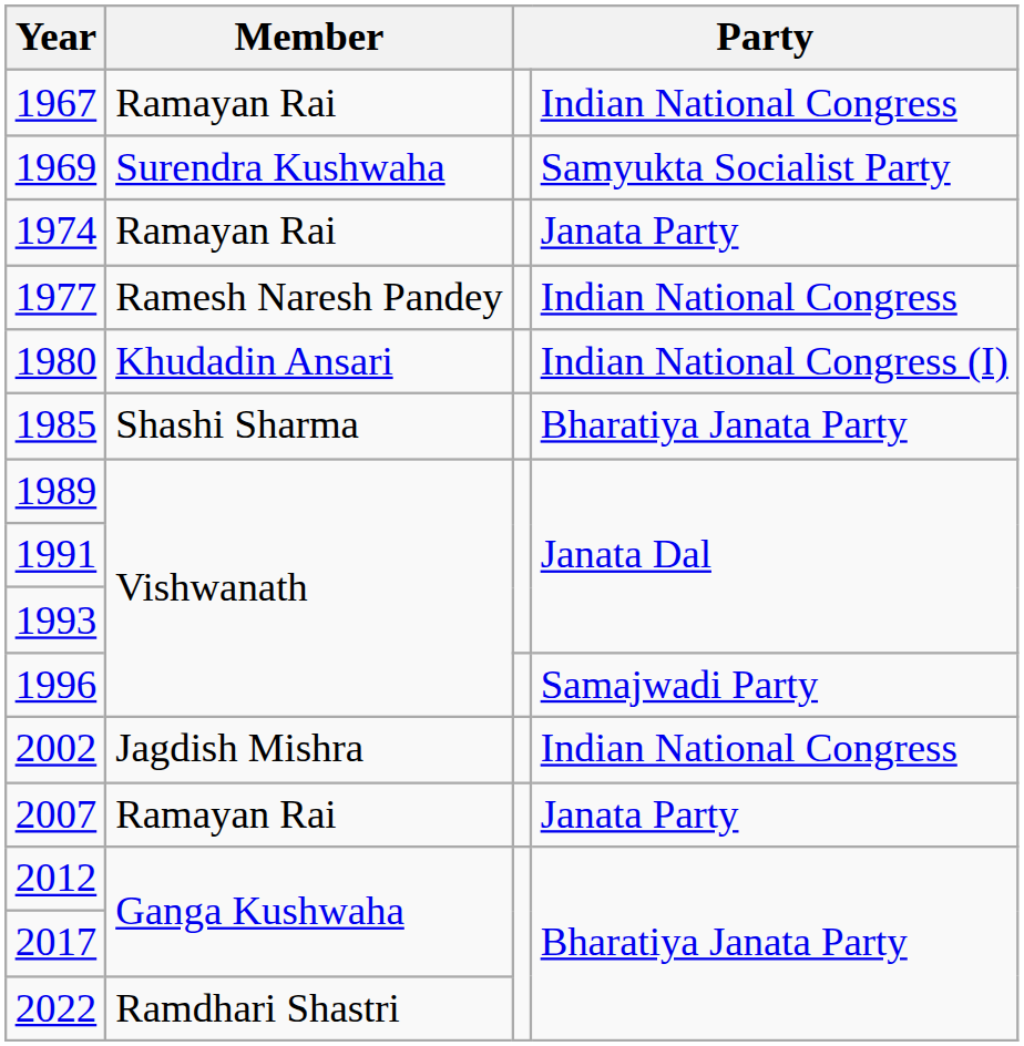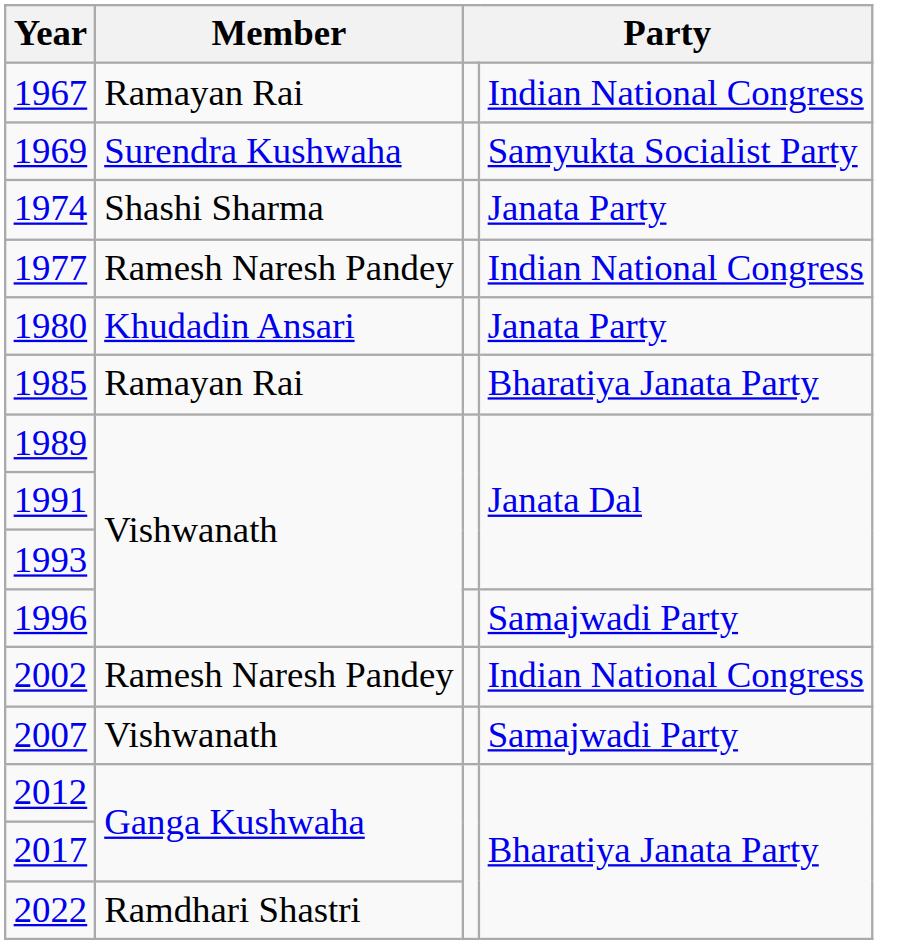 <table class="wikitable">
 <tr>
 <th>Year</th>
 <th>Member</th>
 <th colspan="2">Party</th>
 </tr>
 <tr>
 <td><a href='#'>1967</a></td>
 <td>Ramayan Rai</td>
 <td style="background-color: "></td>
 <td><a href='#'>Indian National Congress</a></td>
 </tr>
 <tr>
 <td><a href='#'>1969</a></td>
 <td><a href='#'>Surendra Kushwaha</a></td>
 <td style="background-color: "></td>
 <td><a href='#'>Samyukta Socialist Party</a></td>
 </tr>
 <tr>
 <td><a href='#'>1974</a></td>
-<td>Ramayan Rai</td>
+<td>Shashi Sharma</td>
 <td style="background-color: "></td>
 <td><a href='#'>Janata Party</a></td>
 </tr>
 <tr>
 <td><a href='#'>1977</a></td>
 <td>Ramesh Naresh Pandey</td>
 <td style="background-color: "></td>
 <td><a href='#'>Indian National Congress</a></td>
 </tr>
 <tr>
 <td><a href='#'>1980</a></td>
 <td><a href='#'>Khudadin Ansari</a></td>
 <td style="background-color: "></td>
-<td><a href='#'>Indian National Congress (I)</a></td>
+<td><a href='#'>Janata Party</a></td>
 </tr>
 <tr>
 <td><a href='#'>1985</a></td>
-<td>Shashi Sharma</td>
+<td>Ramayan Rai</td>
 <td style="background-color: "></td>
 <td><a href='#'>Bharatiya Janata Party</a></td>
 </tr>
 <tr>
 <td><a href='#'>1989</a></td>
 <td rowspan="4">Vishwanath</td>
 <td rowspan="3" style="background-color: "></td>
 <td rowspan="3"><a href='#'>Janata Dal</a></td>
 </tr>
 <tr>
 <td><a href='#'>1991</a></td>
 </tr>
 <tr>
 <td><a href='#'>1993</a></td>
 </tr>
 <tr>
 <td><a href='#'>1996</a></td>
 <td style="background-color: "></td>
 <td><a href='#'>Samajwadi Party</a></td>
 </tr>
 <tr>
 <td><a href='#'>2002</a></td>
-<td>Jagdish Mishra</td>
+<td>Ramesh Naresh Pandey</td>
 <td style="background-color: "></td>
 <td><a href='#'>Indian National Congress</a></td>
 </tr>
 <tr>
 <td><a href='#'>2007</a></td>
-<td>Ramayan Rai</td>
+<td>Vishwanath</td>
 <td style="background-color: "></td>
-<td><a href='#'>Janata Party</a></td>
+<td><a href='#'>Samajwadi Party</a></td>
 </tr>
 <tr>
 <td><a href='#'>2012</a></td>
 <td rowspan="2"><a href='#'>Ganga Kushwaha</a></td>
 <td rowspan="3" style="background-color: "></td>
 <td rowspan="3"><a href='#'>Bharatiya Janata Party</a></td>
 </tr>
 <tr>
 <td><a href='#'>2017</a></td>
 </tr>
 <tr>
 <td><a href='#'>2022</a></td>
 <td>Ramdhari Shastri</td>
 </tr>
 </table>
